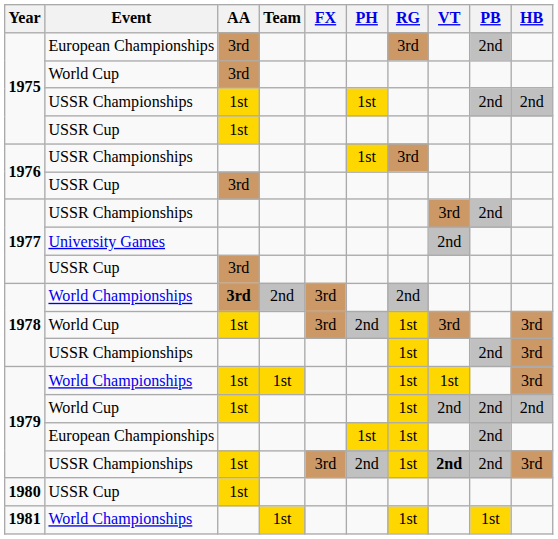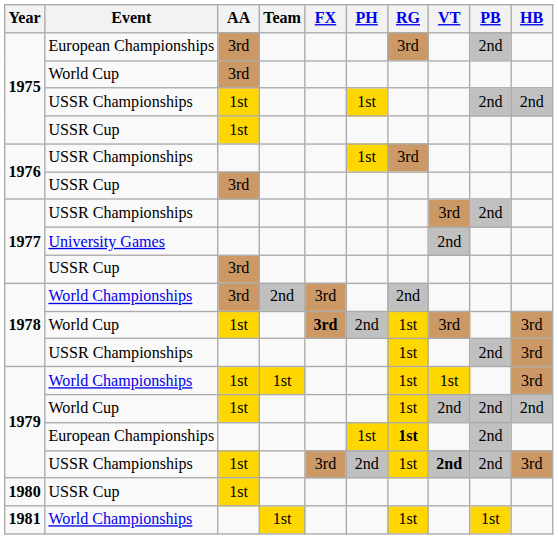 <table class="wikitable" style="text-align:center; font-size: 75%;">
 <tr>
 <th>Year</th>
 <th>Event</th>
 <th width=25px>AA</th>
 <th width=25px>Team</th>
 <th width=25px><a href='#'>FX</a></th>
 <th width=25px><a href='#'>PH</a></th>
 <th width=25px><a href='#'>RG</a></th>
 <th width=25px><a href='#'>VT</a></th>
 <th width=25px><a href='#'>PB</a></th>
 <th width=25px><a href='#'>HB</a></th>
 </tr>
 <tr>
 <td rowspan="4"><strong>1975</strong></td>
 <td align=left>European Championships</td>
 <td bgcolor=CC9966>3rd</td>
 <td></td>
 <td></td>
 <td></td>
 <td bgcolor=CC9966>3rd</td>
 <td></td>
 <td bgcolor=silver>2nd</td>
 <td></td>
 </tr>
 <tr>
 <td align=left>World Cup</td>
 <td bgcolor=CC9966>3rd</td>
 <td></td>
 <td></td>
 <td></td>
 <td></td>
 <td></td>
 <td></td>
 <td></td>
 </tr>
 <tr>
 <td align=left>USSR Championships</td>
 <td bgcolor=gold>1st</td>
 <td></td>
 <td></td>
 <td bgcolor=gold>1st</td>
 <td></td>
 <td></td>
 <td bgcolor=silver>2nd</td>
 <td bgcolor=silver>2nd</td>
 </tr>
 <tr>
 <td align=left>USSR Cup</td>
 <td bgcolor=gold>1st</td>
 <td></td>
 <td></td>
 <td></td>
 <td></td>
 <td></td>
 <td></td>
 <td></td>
 </tr>
 <tr>
 <td rowspan="2"><strong>1976</strong></td>
 <td align=left>USSR Championships</td>
 <td></td>
 <td></td>
 <td></td>
 <td bgcolor=gold>1st</td>
 <td bgcolor=CC9966>3rd</td>
 <td></td>
 <td></td>
 <td></td>
 </tr>
 <tr>
 <td align=left>USSR Cup</td>
 <td bgcolor=CC9966>3rd</td>
 <td></td>
 <td></td>
 <td></td>
 <td></td>
 <td></td>
 <td></td>
 <td></td>
 </tr>
 <tr>
 <td rowspan="3"><strong>1977</strong></td>
 <td align=left>USSR Championships</td>
 <td></td>
 <td></td>
 <td></td>
 <td></td>
 <td></td>
 <td bgcolor=CC9966>3rd</td>
 <td bgcolor=silver>2nd</td>
 <td></td>
 </tr>
 <tr>
 <td align=left><a href='#'>University Games</a></td>
 <td></td>
 <td></td>
 <td></td>
 <td></td>
 <td></td>
 <td bgcolor=silver>2nd</td>
 <td></td>
 <td></td>
 </tr>
 <tr>
 <td align=left>USSR Cup</td>
 <td bgcolor=CC9966>3rd</td>
 <td></td>
 <td></td>
 <td></td>
 <td></td>
 <td></td>
 <td></td>
 <td></td>
 </tr>
 <tr>
 <td rowspan="3"><strong>1978</strong></td>
 <td align=left><a href='#'>World Championships</a></td>
-<td bgcolor=CC9966><strong>3rd</strong></td>
+<td bgcolor=CC9966>3rd</td>
 <td bgcolor=silver>2nd</td>
 <td bgcolor=CC9966>3rd</td>
 <td></td>
 <td bgcolor=silver>2nd</td>
 <td></td>
 <td></td>
 <td></td>
 </tr>
 <tr>
 <td align=left>World Cup</td>
 <td bgcolor=gold>1st</td>
 <td></td>
-<td bgcolor=CC9966>3rd</td>
+<td bgcolor=CC9966><strong>3rd</strong></td>
 <td bgcolor=silver>2nd</td>
 <td bgcolor=gold>1st</td>
 <td bgcolor=CC9966>3rd</td>
 <td></td>
 <td bgcolor=CC9966>3rd</td>
 </tr>
 <tr>
 <td align=left>USSR Championships</td>
 <td></td>
 <td></td>
 <td></td>
 <td></td>
 <td bgcolor=gold>1st</td>
 <td></td>
 <td bgcolor=silver>2nd</td>
 <td bgcolor=CC9966>3rd</td>
 </tr>
 <tr>
 <td rowspan="4"><strong>1979</strong></td>
 <td align=left><a href='#'>World Championships</a></td>
 <td bgcolor=gold>1st</td>
 <td bgcolor=gold>1st</td>
 <td></td>
 <td></td>
 <td bgcolor=gold>1st</td>
 <td bgcolor=gold>1st</td>
 <td></td>
 <td bgcolor=CC9966>3rd</td>
 </tr>
 <tr>
 <td align=left>World Cup</td>
 <td bgcolor=gold>1st</td>
 <td></td>
 <td></td>
 <td></td>
 <td bgcolor=gold>1st</td>
 <td bgcolor=silver>2nd</td>
 <td bgcolor=silver>2nd</td>
 <td bgcolor=silver>2nd</td>
 </tr>
 <tr>
 <td align=left>European Championships</td>
 <td></td>
 <td></td>
 <td></td>
 <td bgcolor=gold>1st</td>
-<td bgcolor=gold>1st</td>
+<td bgcolor=gold><strong>1st</strong></td>
 <td></td>
 <td bgcolor=silver>2nd</td>
 <td></td>
 </tr>
 <tr>
 <td align=left>USSR Championships</td>
 <td bgcolor=gold>1st</td>
 <td></td>
 <td bgcolor=CC9966>3rd</td>
 <td bgcolor=silver>2nd</td>
 <td bgcolor=gold>1st</td>
 <td bgcolor=silver><strong>2nd</strong></td>
 <td bgcolor=silver>2nd</td>
 <td bgcolor=CC9966>3rd</td>
 </tr>
 <tr>
 <td rowspan="1"><strong>1980</strong></td>
 <td align=left>USSR Cup</td>
 <td bgcolor=gold>1st</td>
 <td></td>
 <td></td>
 <td></td>
 <td></td>
 <td></td>
 <td></td>
 <td></td>
 </tr>
 <tr>
 <td rowspan="1"><strong>1981</strong></td>
 <td align=left><a href='#'>World Championships</a></td>
 <td></td>
 <td bgcolor=gold>1st</td>
 <td></td>
 <td></td>
 <td bgcolor=gold>1st</td>
 <td></td>
 <td bgcolor=gold>1st</td>
 <td></td>
 </tr>
 </table>
